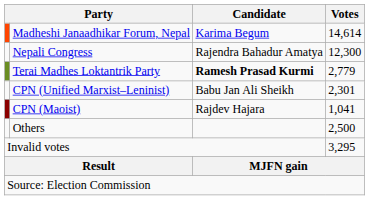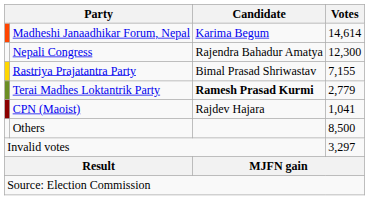 <table class="wikitable">
 <tr>
 <th colspan="2">Party</th>
 <th>Candidate</th>
 <th>Votes</th>
 </tr>
 <tr>
 <td style="background-color:orangered"></td>
 <td><a href='#'>Madheshi Janaadhikar Forum, Nepal</a></td>
 <td><a href='#'>Karima Begum</a></td>
 <td>14,614</td>
 </tr>
 <tr>
 <td style="background-color:"></td>
 <td><a href='#'>Nepali Congress</a></td>
 <td>Rajendra Bahadur Amatya</td>
 <td>12,300</td>
 </tr>
 <tr>
+<td style="background-color:gold"></td>
+<td><a href='#'>Rastriya Prajatantra Party</a></td>
+<td>Bimal Prasad Shriwastav</td>
+<td>7,155</td>
+</tr>
+<tr>
 <td style="background-color:olivedrab"></td>
 <td><a href='#'>Terai Madhes Loktantrik Party</a></td>
 <td><strong>Ramesh Prasad Kurmi</strong></td>
 <td>2,779</td>
-</tr>
-<tr>
-<td style="background-color:"></td>
-<td><a href='#'>CPN (Unified Marxist–Leninist)</a></td>
-<td>Babu Jan Ali Sheikh</td>
-<td>2,301</td>
 </tr>
 <tr>
 <td style="background-color:darkred"></td>
 <td><a href='#'>CPN (Maoist)</a></td>
 <td>Rajdev Hajara</td>
 <td>1,041</td>
 </tr>
 <tr>
 <td></td>
 <td>Others</td>
 <td></td>
-<td>2,500</td>
+<td>8,500</td>
 </tr>
 <tr>
 <td colspan="3">Invalid votes</td>
-<td>3,295</td>
+<td>3,297</td>
 </tr>
 <tr>
 <th colspan="2">Result</th>
 <th colspan="2">MJFN gain</th>
 </tr>
 <tr>
 <td colspan="4">Source: Election Commission</td>
 </tr>
 </table>
